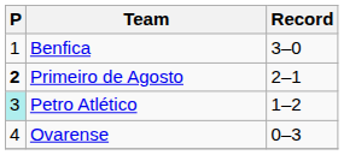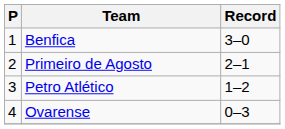 <table class="wikitable">
 <tr>
 <th>P</th>
 <th width=205>Team</th>
 <th>Record</th>
 </tr>
 <tr>
 <td>1</td>
 <td> <a href='#'>Benfica</a></td>
 <td>3–0</td>
 </tr>
 <tr>
-<td><strong>2</strong></td>
+<td>2</td>
 <td> <a href='#'>Primeiro de Agosto</a></td>
 <td>2–1</td>
 </tr>
 <tr>
-<td style="background: paleturquoise;">3</td>
+<td>3</td>
 <td> <a href='#'>Petro Atlético</a></td>
 <td>1–2</td>
 </tr>
 <tr>
 <td>4</td>
 <td> <a href='#'>Ovarense</a></td>
 <td>0–3</td>
 </tr>
 <tr>
 </tr>
 </table>
